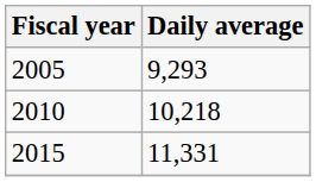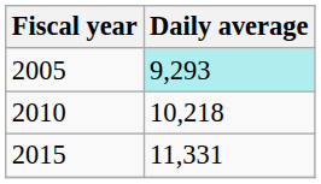 <table class="wikitable">
 <tr>
 <th>Fiscal year</th>
 <th>Daily average</th>
 </tr>
 <tr>
 <td>2005</td>
-<td>9,293</td>
+<td style="background: paleturquoise;">9,293</td>
 </tr>
 <tr>
 <td>2010</td>
 <td>10,218</td>
 </tr>
 <tr>
 <td>2015</td>
 <td>11,331</td>
 </tr>
 <tr>
 </tr>
 </table>
